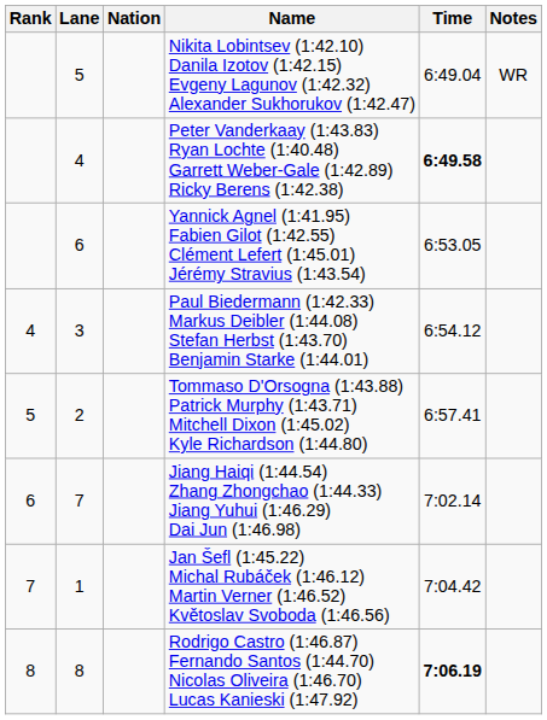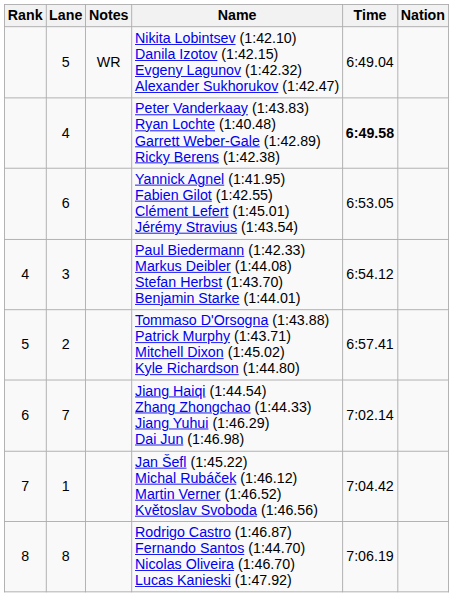 <table class="wikitable sortable" style="text-align:center">
 <tr>
 <th>Rank</th>
 <th>Lane</th>
-<th>Nation</th>
+<th>Notes</th>
 <th>Name</th>
 <th>Time</th>
-<th>Notes</th>
+<th>Nation</th>
 </tr>
 <tr>
 <td></td>
 <td>5</td>
-<td align=left></td>
+<td>WR</td>
 <td align=left><a href='#'>Nikita Lobintsev</a> (1:42.10)<br><a href='#'>Danila Izotov</a> (1:42.15)<br><a href='#'>Evgeny Lagunov</a> (1:42.32)<br><a href='#'>Alexander Sukhorukov</a> (1:42.47)</td>
 <td>6:49.04</td>
-<td>WR</td>
+<td align=left></td>
 </tr>
 <tr>
 <td></td>
 <td>4</td>
-<td align=left></td>
+<td></td>
 <td align=left><a href='#'>Peter Vanderkaay</a> (1:43.83)<br><a href='#'>Ryan Lochte</a> (1:40.48)<br><a href='#'>Garrett Weber-Gale</a> (1:42.89)<br><a href='#'>Ricky Berens</a> (1:42.38)</td>
 <td><strong>6:49.58</strong></td>
-<td></td>
+<td align=left></td>
 </tr>
 <tr>
 <td></td>
 <td>6</td>
-<td align=left></td>
+<td></td>
 <td align=left><a href='#'>Yannick Agnel</a> (1:41.95)<br><a href='#'>Fabien Gilot</a> (1:42.55)<br><a href='#'>Clément Lefert</a> (1:45.01)<br><a href='#'>Jérémy Stravius</a> (1:43.54)</td>
 <td>6:53.05</td>
-<td></td>
+<td align=left></td>
 </tr>
 <tr>
 <td>4</td>
 <td>3</td>
-<td align=left></td>
+<td></td>
 <td align=left><a href='#'>Paul Biedermann</a> (1:42.33)<br><a href='#'>Markus Deibler</a> (1:44.08)<br><a href='#'>Stefan Herbst</a> (1:43.70)<br><a href='#'>Benjamin Starke</a> (1:44.01)</td>
 <td>6:54.12</td>
-<td></td>
+<td align=left></td>
 </tr>
 <tr>
 <td>5</td>
 <td>2</td>
-<td align=left></td>
+<td></td>
 <td align=left><a href='#'>Tommaso D'Orsogna</a> (1:43.88)<br><a href='#'>Patrick Murphy</a> (1:43.71)<br><a href='#'>Mitchell Dixon</a> (1:45.02)<br><a href='#'>Kyle Richardson</a> (1:44.80)</td>
 <td>6:57.41</td>
-<td></td>
+<td align=left></td>
 </tr>
 <tr>
 <td>6</td>
 <td>7</td>
-<td align=left></td>
+<td></td>
 <td align=left><a href='#'>Jiang Haiqi</a> (1:44.54)<br><a href='#'>Zhang Zhongchao</a> (1:44.33)<br><a href='#'>Jiang Yuhui</a> (1:46.29)<br><a href='#'>Dai Jun</a> (1:46.98)</td>
 <td>7:02.14</td>
-<td></td>
+<td align=left></td>
 </tr>
 <tr>
 <td>7</td>
 <td>1</td>
-<td align=left></td>
+<td></td>
 <td align=left><a href='#'>Jan Šefl</a> (1:45.22)<br><a href='#'>Michal Rubáček</a> (1:46.12)<br><a href='#'>Martin Verner</a> (1:46.52)<br><a href='#'>Květoslav Svoboda</a> (1:46.56)</td>
 <td>7:04.42</td>
-<td></td>
+<td align=left></td>
 </tr>
 <tr>
 <td>8</td>
 <td>8</td>
+<td></td>
+<td align=left><a href='#'>Rodrigo Castro</a> (1:46.87)<br><a href='#'>Fernando Santos</a> (1:44.70)<br><a href='#'>Nicolas Oliveira</a> (1:46.70)<br><a href='#'>Lucas Kanieski</a> (1:47.92)</td>
+<td>7:06.19</td>
 <td align=left></td>
-<td align=left><a href='#'>Rodrigo Castro</a> (1:46.87)<br><a href='#'>Fernando Santos</a> (1:44.70)<br><a href='#'>Nicolas Oliveira</a> (1:46.70)<br><a href='#'>Lucas Kanieski</a> (1:47.92)</td>
-<td><strong>7:06.19</strong></td>
-<td></td>
 </tr>
 </table>
